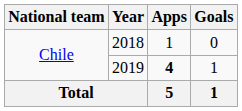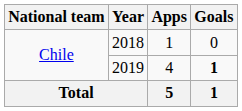 <table class=wikitable style=text-align:center>
 <tr>
 <th>National team</th>
 <th>Year</th>
 <th>Apps</th>
 <th>Goals</th>
 </tr>
 <tr>
 <td rowspan="2"><a href='#'>Chile</a></td>
 <td>2018</td>
 <td>1</td>
 <td>0</td>
 </tr>
 <tr>
 <td>2019</td>
-<td><strong>4</strong></td>
-<td>1</td>
+<td>4</td>
+<td><strong>1</strong></td>
 </tr>
 <tr>
 <th colspan="2">Total</th>
 <th>5</th>
 <th>1</th>
 </tr>
 </table>
